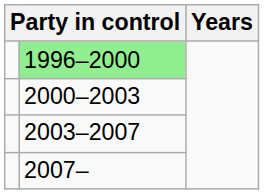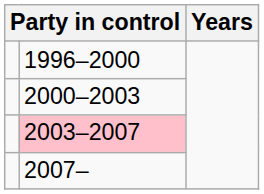 <table class="wikitable">
 <tr>
 <th colspan="2">Party in control</th>
 <th>Years</th>
 </tr>
 <tr>
 <td></td>
-<td style="background: lightgreen;">1996–2000</td>
+<td>1996–2000</td>
 </tr>
 <tr>
 <td></td>
 <td>2000–2003</td>
 </tr>
 <tr>
 <td></td>
-<td>2003–2007</td>
+<td style="background: pink;">2003–2007</td>
 </tr>
 <tr>
 <td></td>
 <td>2007–</td>
 </tr>
 </table>
